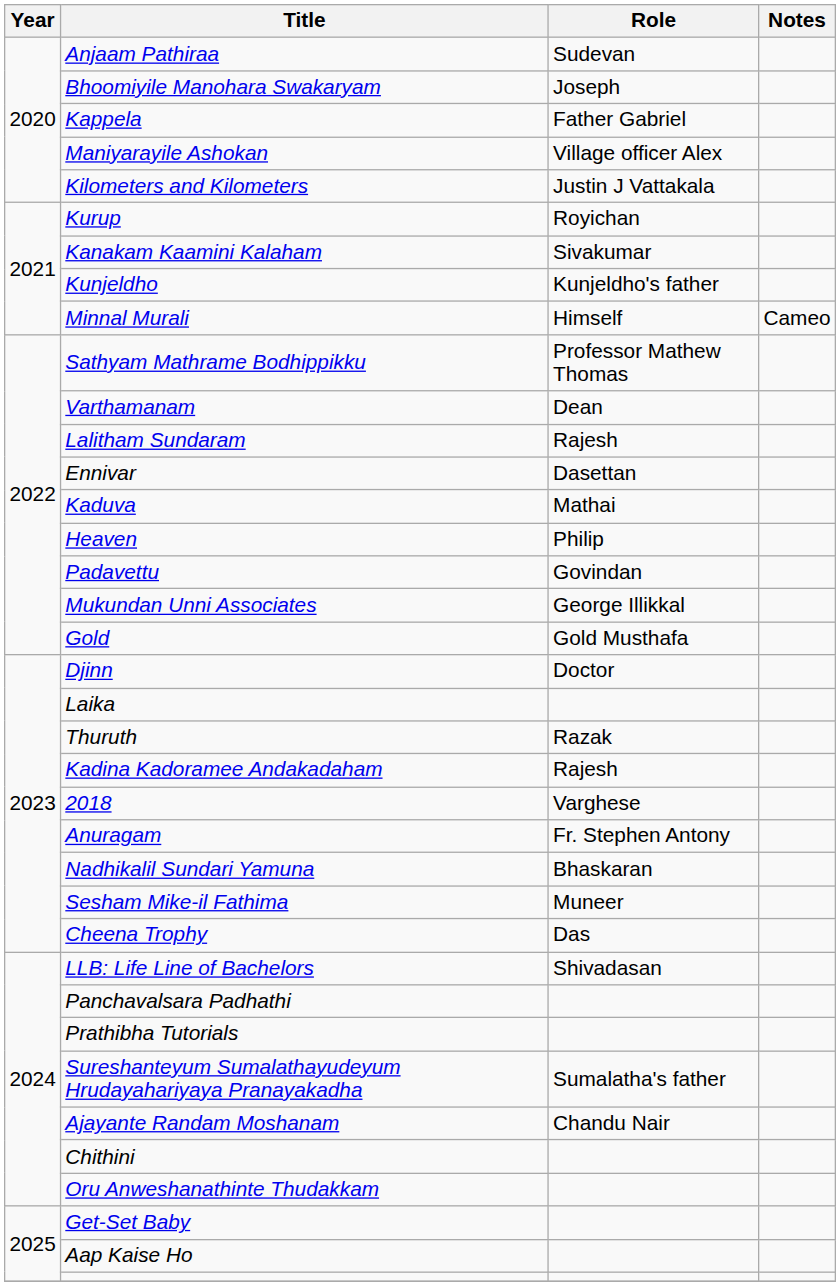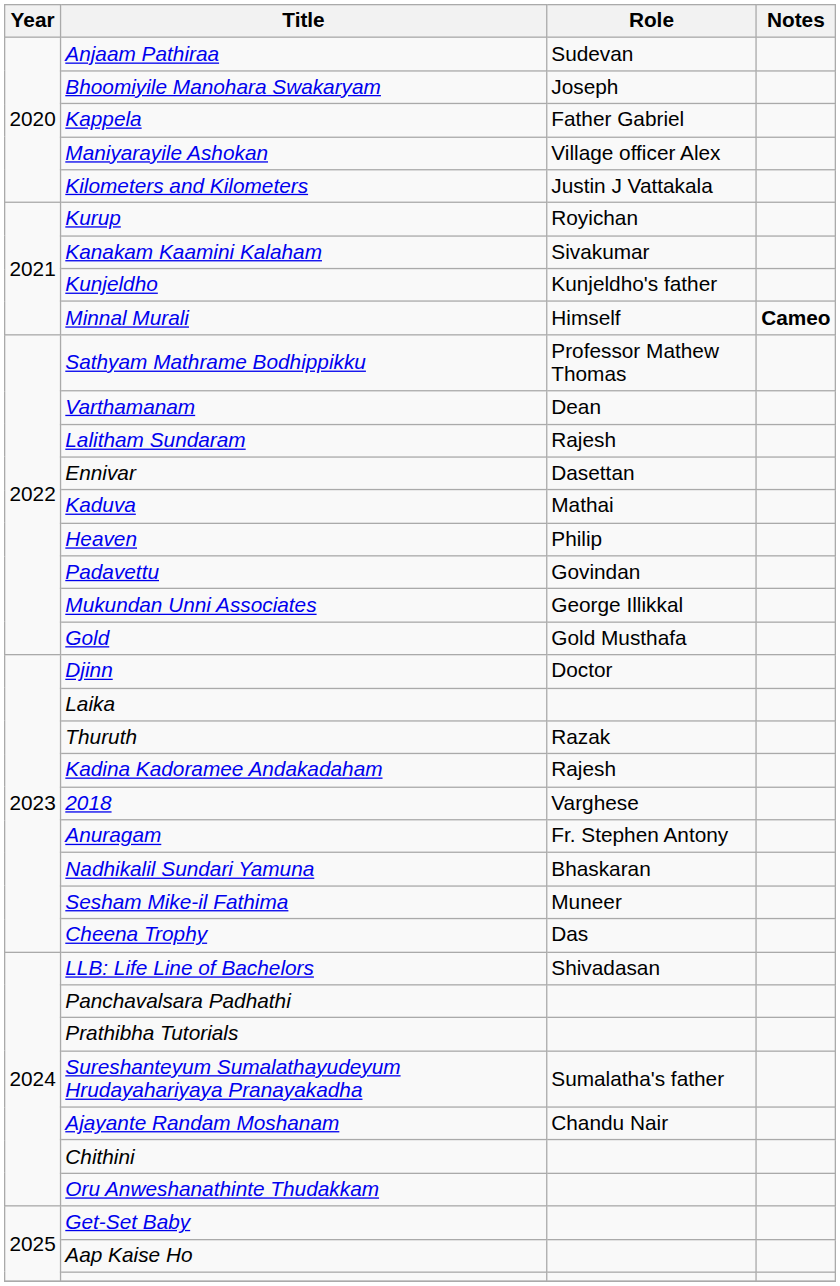 <table class="wikitable sortable" style="max-width:40em;">
 <tr>
 <th>Year</th>
 <th>Title</th>
 <th>Role</th>
 <th class="unsortable">Notes</th>
 </tr>
 <tr>
 <td rowspan=5>2020</td>
 <td><em><a href='#'>Anjaam Pathiraa</a></em></td>
 <td>Sudevan</td>
 <td></td>
 </tr>
 <tr>
 <td><em><a href='#'>Bhoomiyile Manohara Swakaryam</a></em></td>
 <td>Joseph</td>
 <td></td>
 </tr>
 <tr>
 <td><em><a href='#'>Kappela</a></em></td>
 <td>Father Gabriel</td>
 <td></td>
 </tr>
 <tr>
 <td><em><a href='#'>Maniyarayile Ashokan</a></em></td>
 <td>Village officer Alex</td>
 <td></td>
 </tr>
 <tr>
 <td><em><a href='#'>Kilometers and Kilometers</a></em></td>
 <td>Justin J Vattakala</td>
 <td></td>
 </tr>
 <tr>
 <td rowspan=4>2021</td>
 <td><em><a href='#'>Kurup</a></em></td>
 <td>Royichan</td>
 <td></td>
 </tr>
 <tr>
 <td><em><a href='#'>Kanakam Kaamini Kalaham</a></em></td>
 <td>Sivakumar</td>
 <td></td>
 </tr>
 <tr>
 <td><em><a href='#'>Kunjeldho</a></em></td>
 <td>Kunjeldho's father</td>
 <td></td>
 </tr>
 <tr>
 <td><em><a href='#'>Minnal Murali</a></em></td>
 <td>Himself</td>
-<td>Cameo</td>
+<td><strong>Cameo</strong></td>
 </tr>
 <tr>
 <td rowspan=9>2022</td>
 <td><em><a href='#'>Sathyam Mathrame Bodhippikku</a></em></td>
 <td>Professor Mathew Thomas</td>
 <td></td>
 </tr>
 <tr>
 <td><em><a href='#'>Varthamanam</a></em></td>
 <td>Dean</td>
 <td></td>
 </tr>
 <tr>
 <td><em><a href='#'>Lalitham Sundaram</a></em></td>
 <td>Rajesh</td>
 <td></td>
 </tr>
 <tr>
 <td><em>Ennivar</em></td>
 <td>Dasettan</td>
 <td></td>
 </tr>
 <tr>
 <td><em><a href='#'>Kaduva</a></em></td>
 <td>Mathai</td>
 <td></td>
 </tr>
 <tr>
 <td><em><a href='#'>Heaven</a></em></td>
 <td>Philip</td>
 <td></td>
 </tr>
 <tr>
 <td><em><a href='#'>Padavettu</a></em></td>
 <td>Govindan</td>
 <td></td>
 </tr>
 <tr>
 <td><em><a href='#'>Mukundan Unni Associates</a></em></td>
 <td>George Illikkal</td>
 <td></td>
 </tr>
 <tr>
 <td><em><a href='#'>Gold</a></em></td>
 <td>Gold Musthafa</td>
 <td></td>
 </tr>
 <tr>
 <td rowspan=9>2023</td>
 <td><em><a href='#'>Djinn</a></em></td>
 <td>Doctor</td>
 <td></td>
 </tr>
 <tr>
 <td><em>Laika</em></td>
 <td></td>
 <td></td>
 </tr>
 <tr>
 <td><em>Thuruth</em></td>
 <td>Razak</td>
 <td></td>
 </tr>
 <tr>
 <td><em><a href='#'>Kadina Kadoramee Andakadaham</a></em></td>
 <td>Rajesh</td>
 <td></td>
 </tr>
 <tr>
 <td><em><a href='#'>2018</a></em></td>
 <td>Varghese</td>
 <td></td>
 </tr>
 <tr>
 <td><em><a href='#'>Anuragam</a></em></td>
 <td>Fr. Stephen Antony</td>
 <td></td>
 </tr>
 <tr>
 <td><em><a href='#'>Nadhikalil Sundari Yamuna</a></em></td>
 <td>Bhaskaran</td>
 <td></td>
 </tr>
 <tr>
 <td><em><a href='#'>Sesham Mike-il Fathima</a></em></td>
 <td>Muneer</td>
 <td></td>
 </tr>
 <tr>
 <td><em><a href='#'>Cheena Trophy</a></em></td>
 <td>Das</td>
 <td></td>
 </tr>
 <tr>
 <td rowspan=7>2024</td>
 <td><em><a href='#'>LLB: Life Line of Bachelors</a></em></td>
 <td>Shivadasan</td>
 <td></td>
 </tr>
 <tr>
 <td><em>Panchavalsara Padhathi</em></td>
 <td></td>
 <td></td>
 </tr>
 <tr>
 <td><em>Prathibha Tutorials</em></td>
 <td></td>
 <td></td>
 </tr>
 <tr>
 <td><em><a href='#'>Sureshanteyum Sumalathayudeyum Hrudayahariyaya Pranayakadha</a></em></td>
 <td>Sumalatha's father</td>
 <td></td>
 </tr>
 <tr>
 <td><em><a href='#'>Ajayante Randam Moshanam</a></em></td>
 <td>Chandu Nair</td>
 <td></td>
 </tr>
 <tr>
 <td><em>Chithini</em></td>
 <td></td>
 <td></td>
 </tr>
 <tr>
 <td><em><a href='#'>Oru Anweshanathinte Thudakkam</a></em></td>
 <td></td>
 <td></td>
 </tr>
 <tr>
 <td rowspan=3>2025</td>
 <td><em><a href='#'>Get-Set Baby</a></em></td>
 <td></td>
 <td></td>
 </tr>
 <tr>
 <td><em>Aap Kaise Ho</em></td>
 <td></td>
 <td></td>
 </tr>
 <tr>
 <td></td>
 <td></td>
 <td></td>
 </tr>
 <tr>
 </tr>
 </table>
